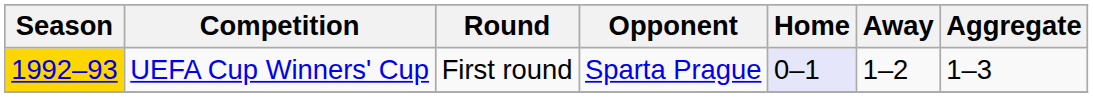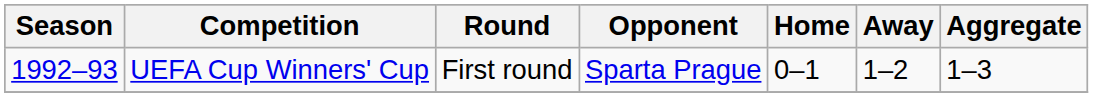 <table class="wikitable">
 <tr>
 <th>Season</th>
 <th>Competition</th>
 <th>Round</th>
 <th>Opponent</th>
 <th>Home</th>
 <th>Away</th>
 <th>Aggregate</th>
 </tr>
 <tr>
-<td style="background: gold;"><a href='#'>1992–93</a></td>
+<td><a href='#'>1992–93</a></td>
 <td><a href='#'>UEFA Cup Winners' Cup</a></td>
 <td>First round</td>
 <td> <a href='#'>Sparta Prague</a></td>
-<td align="centr" style="background: lavender;">0–1</td>
+<td align="centr">0–1</td>
 <td align="centr">1–2</td>
 <td align="centr">1–3</td>
 </tr>
 <tr>
 </tr>
 </table>
